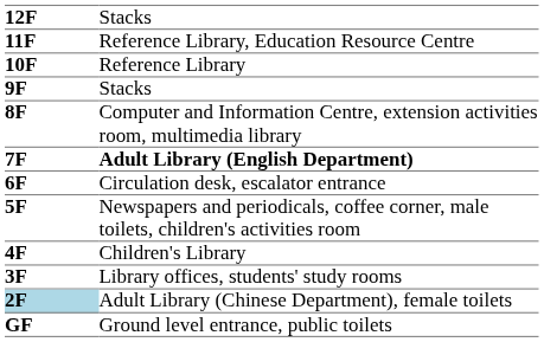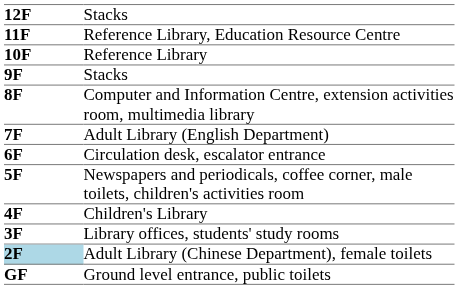 <table border=0 cellspacing=0 cellpadding=0>
 <tr>
 <td style="border-top:solid 1px grey;border-bottom:solid 1px gray;" width=75 valign=top><strong>12F</strong></td>
 <td style="border-top:solid 1px grey;border-bottom:solid 1px gray;" width=350 valign=top>Stacks</td>
 </tr>
 <tr>
 <td style="border-bottom:solid 1px gray;" valign=top><strong>11F</strong></td>
 <td style="border-bottom:solid 1px gray;" valign=top>Reference Library, Education Resource Centre</td>
 </tr>
 <tr>
 <td style="border-bottom:solid 1px gray;" valign=top><strong>10F</strong></td>
 <td style="border-bottom:solid 1px gray;" valign=top>Reference Library</td>
 </tr>
 <tr>
 <td style="border-bottom:solid 1px gray;" valign=top><strong>9F</strong></td>
 <td style="border-bottom:solid 1px gray;" valign=top>Stacks</td>
 </tr>
 <tr>
 <td style="border-bottom:solid 1px gray;" valign=top><strong>8F</strong></td>
 <td style="border-bottom:solid 1px gray;" valign=top>Computer and Information Centre, extension activities room, multimedia library</td>
 </tr>
 <tr>
 <td style="border-bottom:solid 1px gray;" valign=top><strong>7F</strong></td>
-<td style="border-bottom:solid 1px gray;" valign=top><strong>Adult Library (English Department)</strong></td>
+<td style="border-bottom:solid 1px gray;" valign=top>Adult Library (English Department)</td>
 </tr>
 <tr>
 <td style="border-bottom:solid 1px gray;" valign=top><strong>6F</strong></td>
 <td style="border-bottom:solid 1px gray;" valign=top>Circulation desk, escalator entrance</td>
 </tr>
 <tr>
 <td style="border-bottom:solid 1px gray;" valign=top><strong>5F</strong></td>
 <td style="border-bottom:solid 1px gray;" valign=top>Newspapers and periodicals, coffee corner, male toilets, children's activities room</td>
 </tr>
 <tr>
 <td style="border-bottom:solid 1px gray;" valign=top><strong>4F</strong></td>
 <td style="border-bottom:solid 1px gray;" valign=top>Children's Library</td>
 </tr>
 <tr>
 <td style="border-bottom:solid 1px gray;" valign=top><strong>3F</strong></td>
 <td style="border-bottom:solid 1px gray;" valign=top>Library offices, students' study rooms</td>
 </tr>
 <tr>
 <td style="background: lightblue; border-bottom:solid 1px gray;" valign=top><strong>2F</strong></td>
 <td style="border-bottom:solid 1px gray;" valign=top>Adult Library (Chinese Department), female toilets</td>
 </tr>
 <tr>
 <td style="border-bottom:solid 1px gray;" valign=top><strong>GF</strong></td>
 <td style="border-bottom:solid 1px gray;" valign=top>Ground level entrance, public toilets</td>
 </tr>
 </table>
